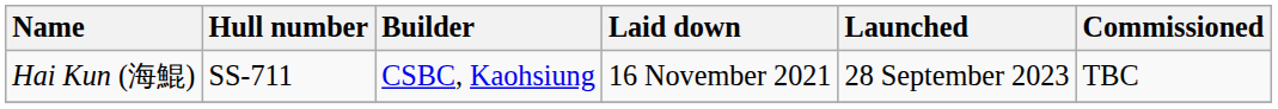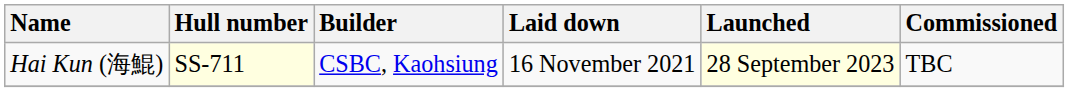 <table class= "wikitable">
 <tr>
 <th style="text-align:left">Name</th>
 <th style="text-align:left">Hull number</th>
 <th style="text-align:left">Builder</th>
 <th style="text-align:left">Laid down</th>
 <th style="text-align:left">Launched</th>
 <th style="text-align:left">Commissioned</th>
 </tr>
 <tr>
 <td><em>Hai Kun</em> (海鯤)</td>
-<td>SS-711</td>
+<td style="background: lightyellow;">SS-711</td>
 <td><a href='#'>CSBC</a>, <a href='#'>Kaohsiung</a></td>
 <td>16 November 2021</td>
-<td>28 September 2023</td>
+<td style="background: lightyellow;">28 September 2023</td>
 <td>TBC</td>
 </tr>
 <tr>
 </tr>
 </table>
